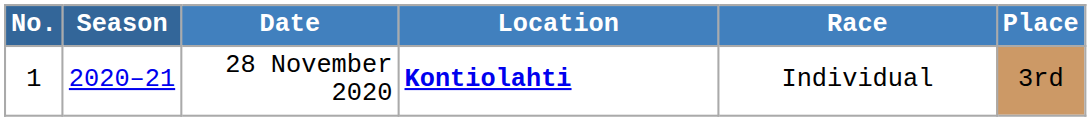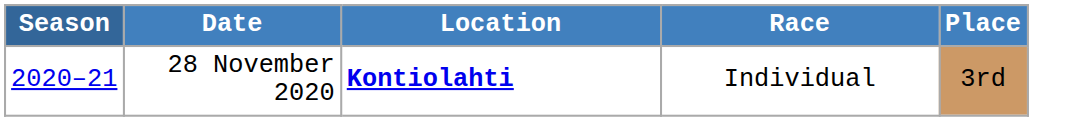 <table class="wikitable sortable" style="font-size:95%; text-align:center; border:grey solid 1px; border-collapse:collapse; background:#ffffff;">
 <tr style="background:#efefef;">
-<th style="background-color:#369; color:white;">No.</th>
 <th style="background-color:#369; color:white;">Season</th>
 <th style="background-color:#4180be; color:white; width:100px;">Date</th>
 <th style="background-color:#4180be; color:white; width:150px;">Location</th>
 <th style="background-color:#4180be; color:white; width:130px;">Race</th>
 <th style="background-color:#4180be; color:white;">Place</th>
 </tr>
 <tr>
-<td align=center>1</td>
 <td align="center"><a href='#'>2020–21</a></td>
 <td align=right>28 November 2020</td>
 <td align=left><strong> <a href='#'>Kontiolahti</a></strong></td>
 <td>Individual</td>
 <td align=center bgcolor="cc9966">3rd</td>
 </tr>
 </table>
